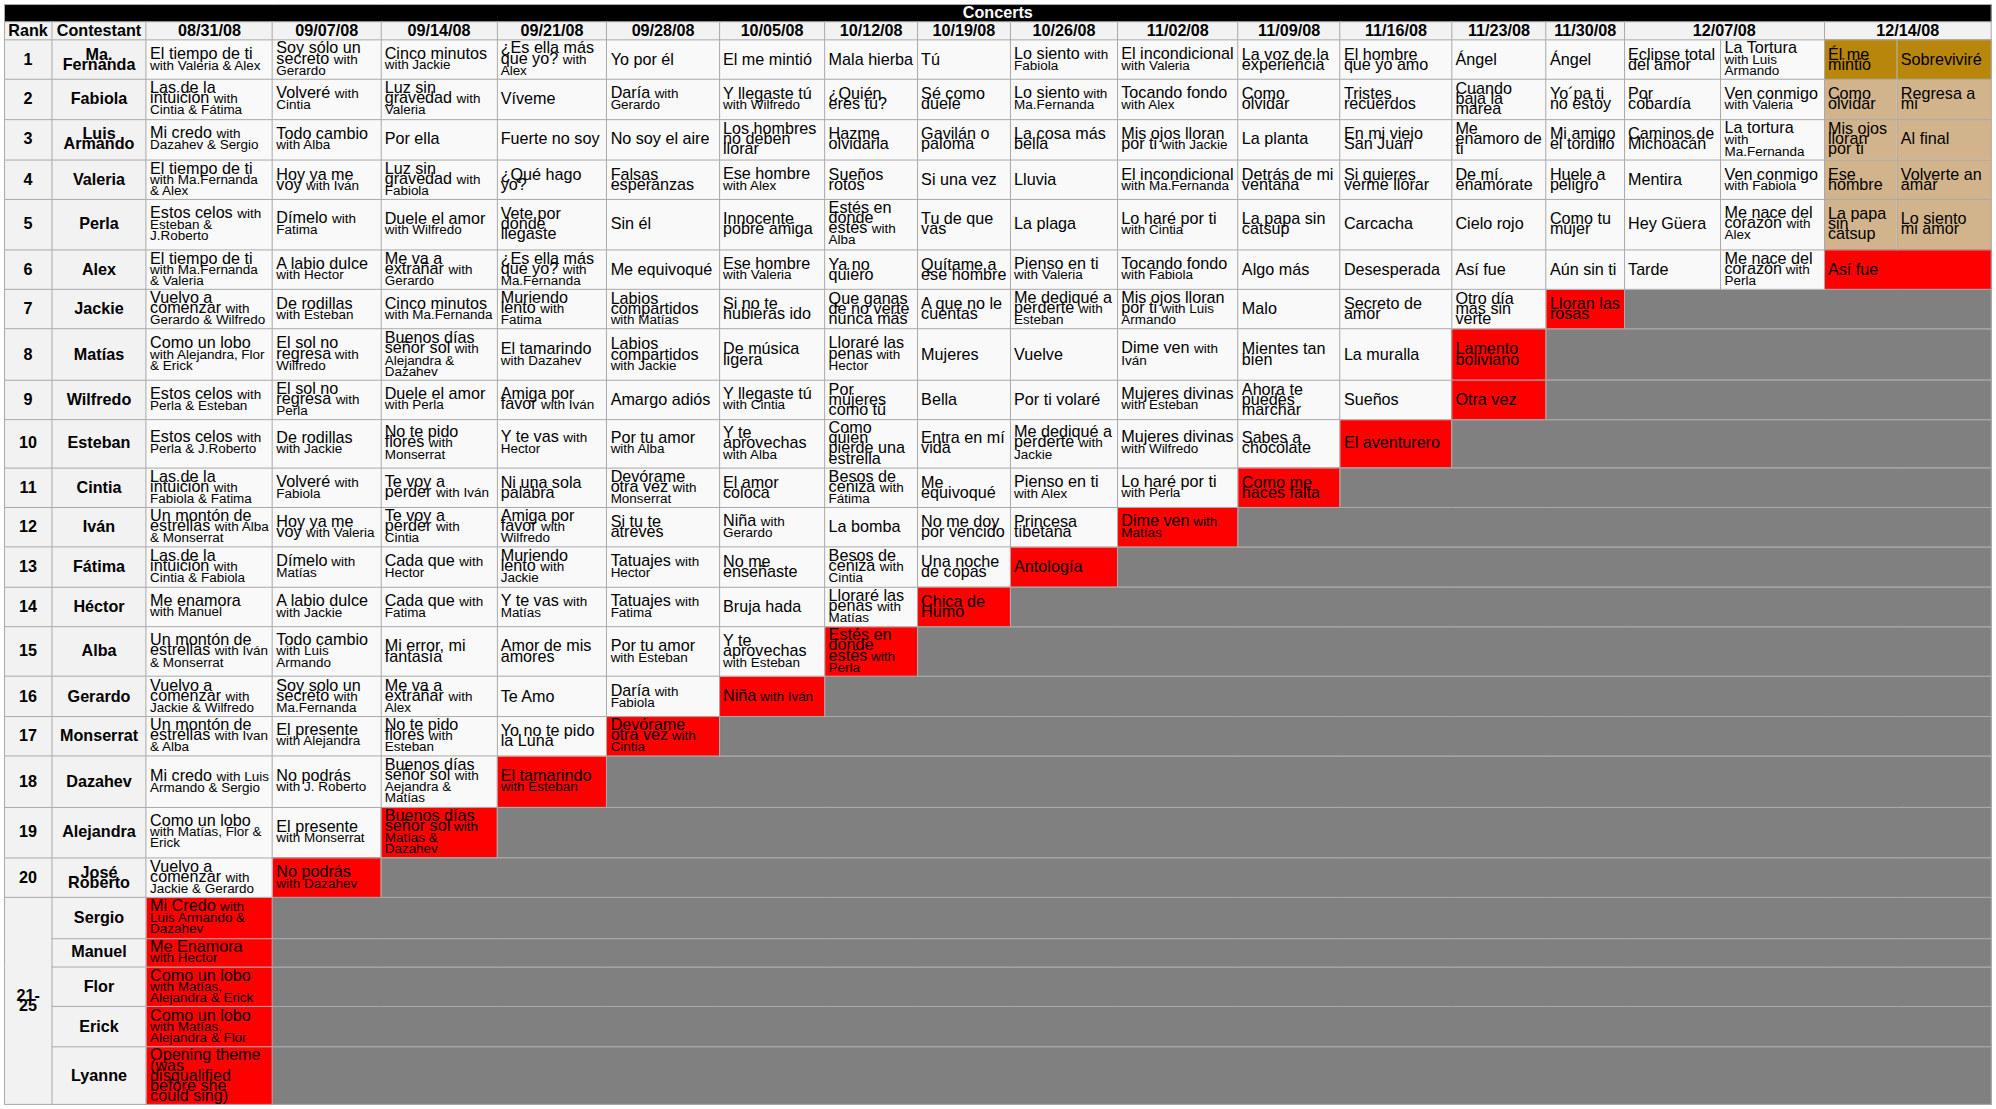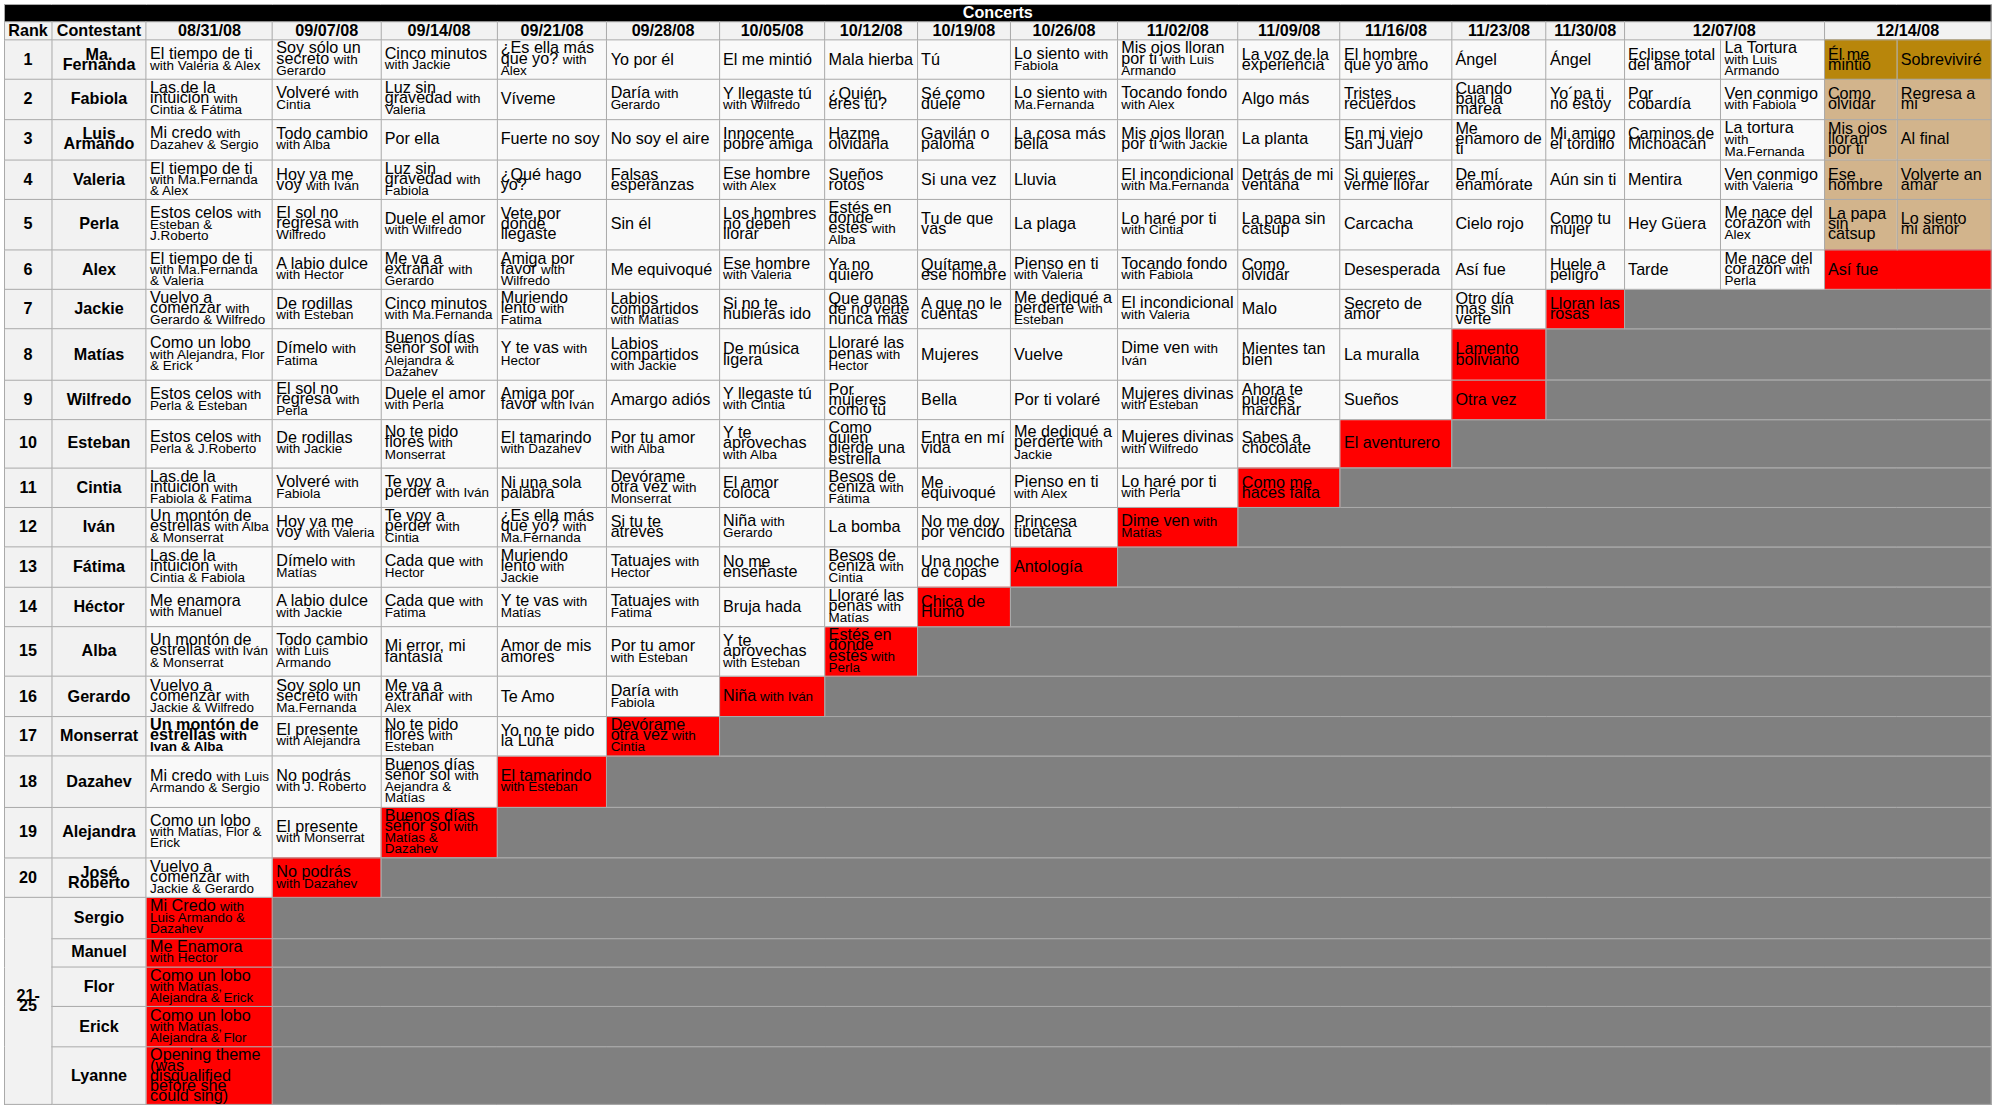 <table class="wikitable collapsible collapsed" style="text-align:left; line-height:10px; line-width:12px;">
 <tr>
 <th colspan="21" style="background:#000; color:White;">Concerts</th>
 </tr>
 <tr>
 <th>Rank</th>
 <th>Contestant</th>
 <th>08/31/08</th>
 <th>09/07/08</th>
 <th>09/14/08</th>
 <th>09/21/08</th>
 <th>09/28/08</th>
 <th>10/05/08</th>
 <th>10/12/08</th>
 <th>10/19/08</th>
 <th>10/26/08</th>
 <th>11/02/08</th>
 <th>11/09/08</th>
 <th>11/16/08</th>
 <th>11/23/08</th>
 <th>11/30/08</th>
 <th colspan="2">12/07/08</th>
 <th colspan="2">12/14/08</th>
 </tr>
 <tr>
 <th>1</th>
 <th>Ma. Fernanda</th>
 <td>El tiempo de ti<small> with Valeria & Alex</small></td>
 <td>Soy sólo un secreto <small> with Gerardo</small></td>
 <td>Cinco minutos <small> with Jackie</small></td>
 <td>¿Es ella más que yo? <small> with Alex</small></td>
 <td>Yo por él</td>
 <td>El me mintió</td>
 <td>Mala hierba</td>
 <td>Tú</td>
 <td>Lo siento <small> with Fabiola</small></td>
-<td>El incondicional<small> with Valeria</small></td>
+<td>Mis ojos lloran por ti <small> with Luis Armando</small></td>
 <td>La voz de la experiencia</td>
 <td>El hombre que yo amo</td>
 <td>Ángel</td>
 <td>Ángel</td>
 <td>Eclipse total del amor</td>
 <td>La Tortura <small> with Luis Armando</small></td>
 <td style="background:DarkGoldenrod;">Él me mintió</td>
 <td style="background:DarkGoldenrod;">Sobreviviré</td>
 </tr>
 <tr>
 <th>2</th>
 <th>Fabiola</th>
 <td>Las de la intuición <small> with Cintia & Fátima</small></td>
 <td>Volveré <small> with Cintia</small></td>
 <td>Luz sin gravedad <small> with Valeria</small></td>
 <td>Víveme</td>
 <td>Daría <small> with Gerardo</small></td>
 <td>Y llegaste tú <small> with Wilfredo</small></td>
 <td>¿Quién eres tú?</td>
 <td>Sé como duele</td>
 <td>Lo siento<small> with Ma.Fernanda</small></td>
 <td>Tocando fondo<small> with Alex</small></td>
-<td>Como olvidar</td>
+<td>Algo más</td>
 <td>Tristes recuerdos</td>
 <td>Cuando baja la marea</td>
 <td>Yo´pa ti no estoy</td>
 <td>Por cobardía</td>
-<td>Ven conmigo <small> with Valeria</small></td>
+<td>Ven conmigo <small> with Fabiola</small></td>
 <td style="background:Tan;">Como olvidar</td>
 <td style="background:Tan;">Regresa a mi</td>
 </tr>
 <tr>
 <th>3</th>
 <th>Luis Armando</th>
 <td>Mi credo <small> with Dazahev & Sergio</small></td>
 <td>Todo cambio <small> with Alba</small></td>
 <td>Por ella</td>
 <td>Fuerte no soy</td>
 <td>No soy el aire</td>
-<td>Los hombres no deben llorar</td>
+<td>Innocente pobre amiga</td>
 <td>Hazme olvidarla</td>
 <td>Gavilán o paloma</td>
 <td>La cosa más bella</td>
 <td>Mis ojos lloran por ti <small> with Jackie</small></td>
 <td>La planta</td>
 <td>En mi viejo San Juan</td>
 <td>Me enamoro de ti</td>
 <td>Mi amigo el tordillo</td>
 <td>Caminos de Michoacán</td>
 <td>La tortura<small> with Ma.Fernanda</small></td>
 <td style="background:Tan;">Mis ojos lloran por ti</td>
 <td style="background:Tan;">Al final</td>
 </tr>
 <tr>
 <th>4</th>
 <th>Valeria</th>
 <td>El tiempo de ti <small> with Ma.Fernanda & Alex</small></td>
 <td>Hoy ya me voy <small> with Iván</small></td>
 <td>Luz sin gravedad <small> with Fabiola</small></td>
 <td>¿Qué hago yo?</td>
 <td>Falsas esperanzas</td>
 <td>Ese hombre<small> with Alex</small></td>
 <td>Sueños rotos</td>
 <td>Si una vez</td>
 <td>Lluvia</td>
 <td>El incondicional <small> with Ma.Fernanda</small></td>
 <td>Detrás de mi ventana</td>
 <td>Si quieres verme llorar</td>
 <td>De mí enamórate</td>
-<td>Huele a peligro</td>
+<td>Aún sin ti</td>
 <td>Mentira</td>
-<td>Ven conmigo <small> with Fabiola</small></td>
+<td>Ven conmigo <small> with Valeria</small></td>
 <td style="background:Tan;">Ese hombre</td>
 <td style="background:Tan;">Volverte an amar</td>
 </tr>
 <tr>
 <th>5</th>
 <th>Perla</th>
 <td>Estos celos <small> with Esteban & J.Roberto</small></td>
-<td>Dímelo <small> with Fatima</small></td>
+<td>El sol no regresa<small> with Wilfredo</small></td>
 <td>Duele el amor <small> with Wilfredo</small></td>
 <td>Vete por donde llegaste</td>
 <td>Sin él</td>
-<td>Innocente pobre amiga</td>
+<td>Los hombres no deben llorar</td>
 <td>Estés en donde estés <small> with Alba</small></td>
 <td>Tu de que vas</td>
 <td>La plaga</td>
 <td>Lo haré por ti <small> with Cintia</small></td>
 <td>La papa sin catsup</td>
 <td>Carcacha</td>
 <td>Cielo rojo</td>
 <td>Como tu mujer</td>
 <td>Hey Güera</td>
 <td>Me nace del corazón <small> with Alex</small></td>
 <td style="background:Tan;">La papa sin catsup</td>
 <td style="background:Tan;">Lo siento mi amor</td>
 </tr>
 <tr>
 <th>6</th>
 <th>Alex</th>
 <td>El tiempo de ti <small> with Ma.Fernanda & Valeria</small></td>
 <td>A labio dulce <small> with Hector</small></td>
 <td>Me va a extrañar <small> with Gerardo</small></td>
-<td>¿Es ella más que yo? <small> with Ma.Fernanda</small></td>
+<td>Amiga por favor <small> with Wilfredo</small></td>
 <td>Me equivoqué</td>
 <td>Ese hombre <small> with Valeria</small></td>
 <td>Ya no quiero</td>
 <td>Quítame a ese hombre</td>
 <td>Pienso en ti <small> with Valeria</small></td>
 <td>Tocando fondo <small> with Fabiola</small></td>
-<td>Algo más</td>
+<td>Como olvidar</td>
 <td>Desesperada</td>
 <td>Así fue</td>
-<td>Aún sin ti</td>
+<td>Huele a peligro</td>
 <td>Tarde</td>
 <td>Me nace del corazón<small> with Perla</small></td>
 <td style="background:red;" colspan="2">Así fue</td>
 </tr>
 <tr>
 <th>7</th>
 <th>Jackie</th>
 <td>Vuelvo a comenzar <small> with Gerardo & Wilfredo</small></td>
 <td>De rodillas <small> with Esteban</small></td>
 <td>Cinco minutos <small> with Ma.Fernanda</small></td>
 <td>Muriendo lento <small> with Fatima</small></td>
 <td>Labios compartidos <small> with Matías</small></td>
 <td>Si no te hubieras ido</td>
 <td>Que ganas de no verte nunca más</td>
 <td>A que no le cuentas</td>
 <td>Me dediqué a perderte <small> with Esteban</small></td>
-<td>Mis ojos lloran por ti <small> with Luis Armando</small></td>
+<td>El incondicional<small> with Valeria</small></td>
 <td>Malo</td>
 <td>Secreto de amor</td>
 <td>Otro día más sin verte</td>
 <td style="background:red;">Lloran las rosas</td>
 <td style="background:gray;" colspan="6"></td>
 </tr>
 <tr>
 <th>8</th>
 <th>Matías</th>
 <td>Como un lobo <small> with Alejandra, Flor & Erick</small></td>
-<td>El sol no regresa<small> with Wilfredo</small></td>
+<td>Dímelo <small> with Fatima</small></td>
 <td>Buenos días señor sol <small> with Alejandra & Dazahev</small></td>
-<td>El tamarindo <small> with Dazahev</small></td>
+<td>Y te vas <small> with Hector</small></td>
 <td>Labios compartidos <small> with Jackie</small></td>
 <td>De música ligera</td>
 <td>Lloraré las penas<small> with Hector</small></td>
 <td>Mujeres</td>
 <td>Vuelve</td>
 <td>Dime ven <small> with Iván</small></td>
 <td>Mientes tan bien</td>
 <td>La muralla</td>
 <td style="background:red;">Lamento boliviano</td>
 <td style="background:gray;" colspan="7"></td>
 </tr>
 <tr>
 <th>9</th>
 <th>Wilfredo</th>
 <td>Estos celos <small> with Perla & Esteban</small></td>
 <td>El sol no regresa <small> with Perla</small></td>
 <td>Duele el amor <small> with Perla</small></td>
 <td>Amiga por favor <small> with Iván</small></td>
 <td>Amargo adiós</td>
 <td>Y llegaste tú <small> with Cintia</small></td>
 <td>Por mujeres como tú</td>
 <td>Bella</td>
 <td>Por ti volaré</td>
 <td>Mujeres divinas <small> with Esteban</small></td>
 <td>Ahora te puedes marchar</td>
 <td>Sueños</td>
 <td style="background:red;">Otra vez</td>
 <td style="background:gray;" colspan="7"></td>
 </tr>
 <tr>
 <th>10</th>
 <th>Esteban</th>
 <td>Estos celos <small> with Perla & J.Roberto</small></td>
 <td>De rodillas <small> with Jackie</small></td>
 <td>No te pido flores <small> with Monserrat</small></td>
-<td>Y te vas <small> with Hector</small></td>
+<td>El tamarindo <small> with Dazahev</small></td>
 <td>Por tu amor <small> with Alba</small></td>
 <td>Y te aprovechas <small> with Alba</small></td>
 <td>Como quien pierde una estrella</td>
 <td>Entra en mí vida</td>
 <td>Me dediqué a perderte <small> with Jackie</small></td>
 <td>Mujeres divinas<small> with Wilfredo</small></td>
 <td>Sabes a chocolate</td>
 <td style="background:red;">El aventurero</td>
 <td style="background:gray;" colspan="8"></td>
 </tr>
 <tr>
 <th>11</th>
 <th>Cintia</th>
 <td>Las de la intuición <small> with Fabiola & Fatima</small></td>
 <td>Volveré <small> with Fabiola</small></td>
 <td>Te voy a perder <small> with Iván</small></td>
 <td>Ni una sola palabra</td>
 <td>Devórame otra vez <small> with Monserrat</small></td>
 <td>El amor coloca</td>
 <td>Besos de ceniza <small> with Fátima</small></td>
 <td>Me equivoqué</td>
 <td>Pienso en ti<small> with Alex</small></td>
 <td>Lo haré por ti <small> with Perla</small></td>
 <td style="background:red;">Como me haces falta</td>
 <td style="background:gray;" colspan="9"></td>
 </tr>
 <tr>
 <th>12</th>
 <th>Iván</th>
 <td>Un montón de estrellas <small> with Alba & Monserrat</small></td>
 <td>Hoy ya me voy <small> with Valeria</small></td>
 <td>Te voy a perder <small> with Cintia</small></td>
-<td>Amiga por favor <small> with Wilfredo</small></td>
+<td>¿Es ella más que yo? <small> with Ma.Fernanda</small></td>
 <td>Si tu te atreves</td>
 <td>Niña <small> with Gerardo</small></td>
 <td>La bomba</td>
 <td>No me doy por vencido</td>
 <td>Princesa tibetana</td>
 <td style="background:red;">Dime ven<small> with Matías</small></td>
 <td style="background:gray;" colspan="10"></td>
 </tr>
 <tr>
 <th>13</th>
 <th>Fátima</th>
 <td>Las de la intuición <small> with Cintia & Fabiola</small></td>
 <td>Dímelo<small> with Matías</small></td>
 <td>Cada que <small> with Hector</small></td>
 <td>Muriendo lento <small> with Jackie</small></td>
 <td>Tatuajes <small> with Hector</small></td>
 <td>No me enseñaste</td>
 <td>Besos de ceniza <small> with Cintia</small></td>
 <td>Una noche de copas</td>
 <td style="background:red;">Antología</td>
 <td style="background:gray;" colspan="11"></td>
 </tr>
 <tr>
 <th>14</th>
 <th>Héctor</th>
 <td>Me enamora <small> with Manuel</small></td>
 <td>A labio dulce<small> with Jackie</small></td>
 <td>Cada que <small> with Fatima</small></td>
 <td>Y te vas <small> with Matías</small></td>
 <td>Tatuajes <small> with Fatima</small></td>
 <td>Bruja hada</td>
 <td>Lloraré las penas <small> with Matías</small></td>
 <td style="background:red;">Chica de Humo</td>
 <td style="background:gray;" colspan="12"></td>
 </tr>
 <tr>
 <th>15</th>
 <th>Alba</th>
 <td>Un montón de estrellas <small> with Iván & Monserrat</small></td>
 <td>Todo cambio <small> with Luis Armando</small></td>
 <td>Mi error, mi fantasía</td>
 <td>Amor de mis amores</td>
 <td>Por tu amor <small> with Esteban</small></td>
 <td>Y te aprovechas <small> with Esteban</small></td>
 <td style="background:red;">Estés en donde estés<small> with Perla</small></td>
 <td style="background:gray;" colspan="13"></td>
 </tr>
 <tr>
 <th>16</th>
 <th>Gerardo</th>
 <td>Vuelvo a comenzar <small> with Jackie & Wilfredo</small></td>
 <td>Soy solo un secreto <small> with Ma.Fernanda</small></td>
 <td>Me va a extrañar <small> with Alex</small></td>
 <td>Te Amo</td>
 <td>Daría <small> with Fabiola</small></td>
 <td style="background:red;">Niña<small> with Iván</small></td>
 <td style="background:gray;" colspan="14"></td>
 </tr>
 <tr>
 <th>17</th>
 <th>Monserrat</th>
-<td>Un montón de estrellas <small> with Ivan & Alba</small></td>
+<td><strong>Un montón de estrellas <small> with Ivan & Alba</small></strong></td>
 <td>El presente <small> with Alejandra</small></td>
 <td>No te pido flores <small> with Esteban</small></td>
 <td>Yo no te pido la Luna</td>
 <td style="background:red;">Devórame otra vez<small> with Cintia</small></td>
 <td style="background:gray;" colspan="15"></td>
 </tr>
 <tr>
 <th>18</th>
 <th>Dazahev</th>
 <td>Mi credo <small> with Luis Armando & Sergio</small></td>
 <td>No podrás <small> with J. Roberto</small></td>
 <td>Buenos días señor sol <small> with Aejandra & Matías</small></td>
 <td style="background:red;">El tamarindo <small> with Esteban</small></td>
 <td style="background:gray;" colspan="16"></td>
 </tr>
 <tr>
 <th>19</th>
 <th>Alejandra</th>
 <td>Como un lobo <small> with Matías, Flor & Erick</small></td>
 <td>El presente <small> with Monserrat</small></td>
 <td style="background:red;">Buenos días señor sol<small> with Matías & Dazahev</small></td>
 <td style="background:gray;" colspan="17"></td>
 </tr>
 <tr>
 <th>20</th>
 <th>José Roberto</th>
 <td>Vuelvo a comenzar <small> with Jackie & Gerardo</small></td>
 <td style="background:red;">No podrás<small> with Dazahev</small></td>
 <td style="background:gray;" colspan="18"></td>
 </tr>
 <tr>
 <th rowspan=6>21-25</th>
 <th>Sergio</th>
 <td style="background:red;">Mi Credo <small> with Luis Armando & Dazahev</small></td>
 <td style="background:gray;" colspan="19"></td>
 </tr>
 <tr>
 <th>Manuel</th>
 <td style="background:red;">Me Enamora <small> with Hector</small></td>
 <td style="background:gray;" colspan="19"></td>
 </tr>
 <tr>
 <th>Flor</th>
 <td style="background:red;">Como un lobo <small> with Matías, Alejandra & Erick</small></td>
 <td style="background:gray;" colspan="19"></td>
 </tr>
 <tr>
 <th>Erick</th>
 <td style="background:red;">Como un lobo <small> with Matías, Alejandra & Flor</small></td>
 <td style="background:gray;" colspan="19"></td>
 </tr>
 <tr>
 <th>Lyanne</th>
 <td style="background:red;">Opening theme (was disqualified before she could sing)</td>
 <td style="background:gray;" colspan="19"></td>
 </tr>
 </table>
